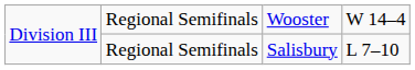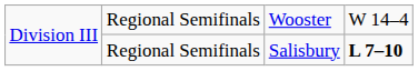 <table class="wikitable">
 <tr>
 <td rowspan="5"><a href='#'>Division III</a></td>
 <td>Regional Semifinals</td>
 <td><a href='#'>Wooster</a></td>
 <td>W 14–4</td>
 </tr>
 <tr>
 <td>Regional Semifinals</td>
 <td><a href='#'>Salisbury</a></td>
-<td>L 7–10</td>
+<td><strong>L 7–10</strong></td>
 </tr>
 </table>
